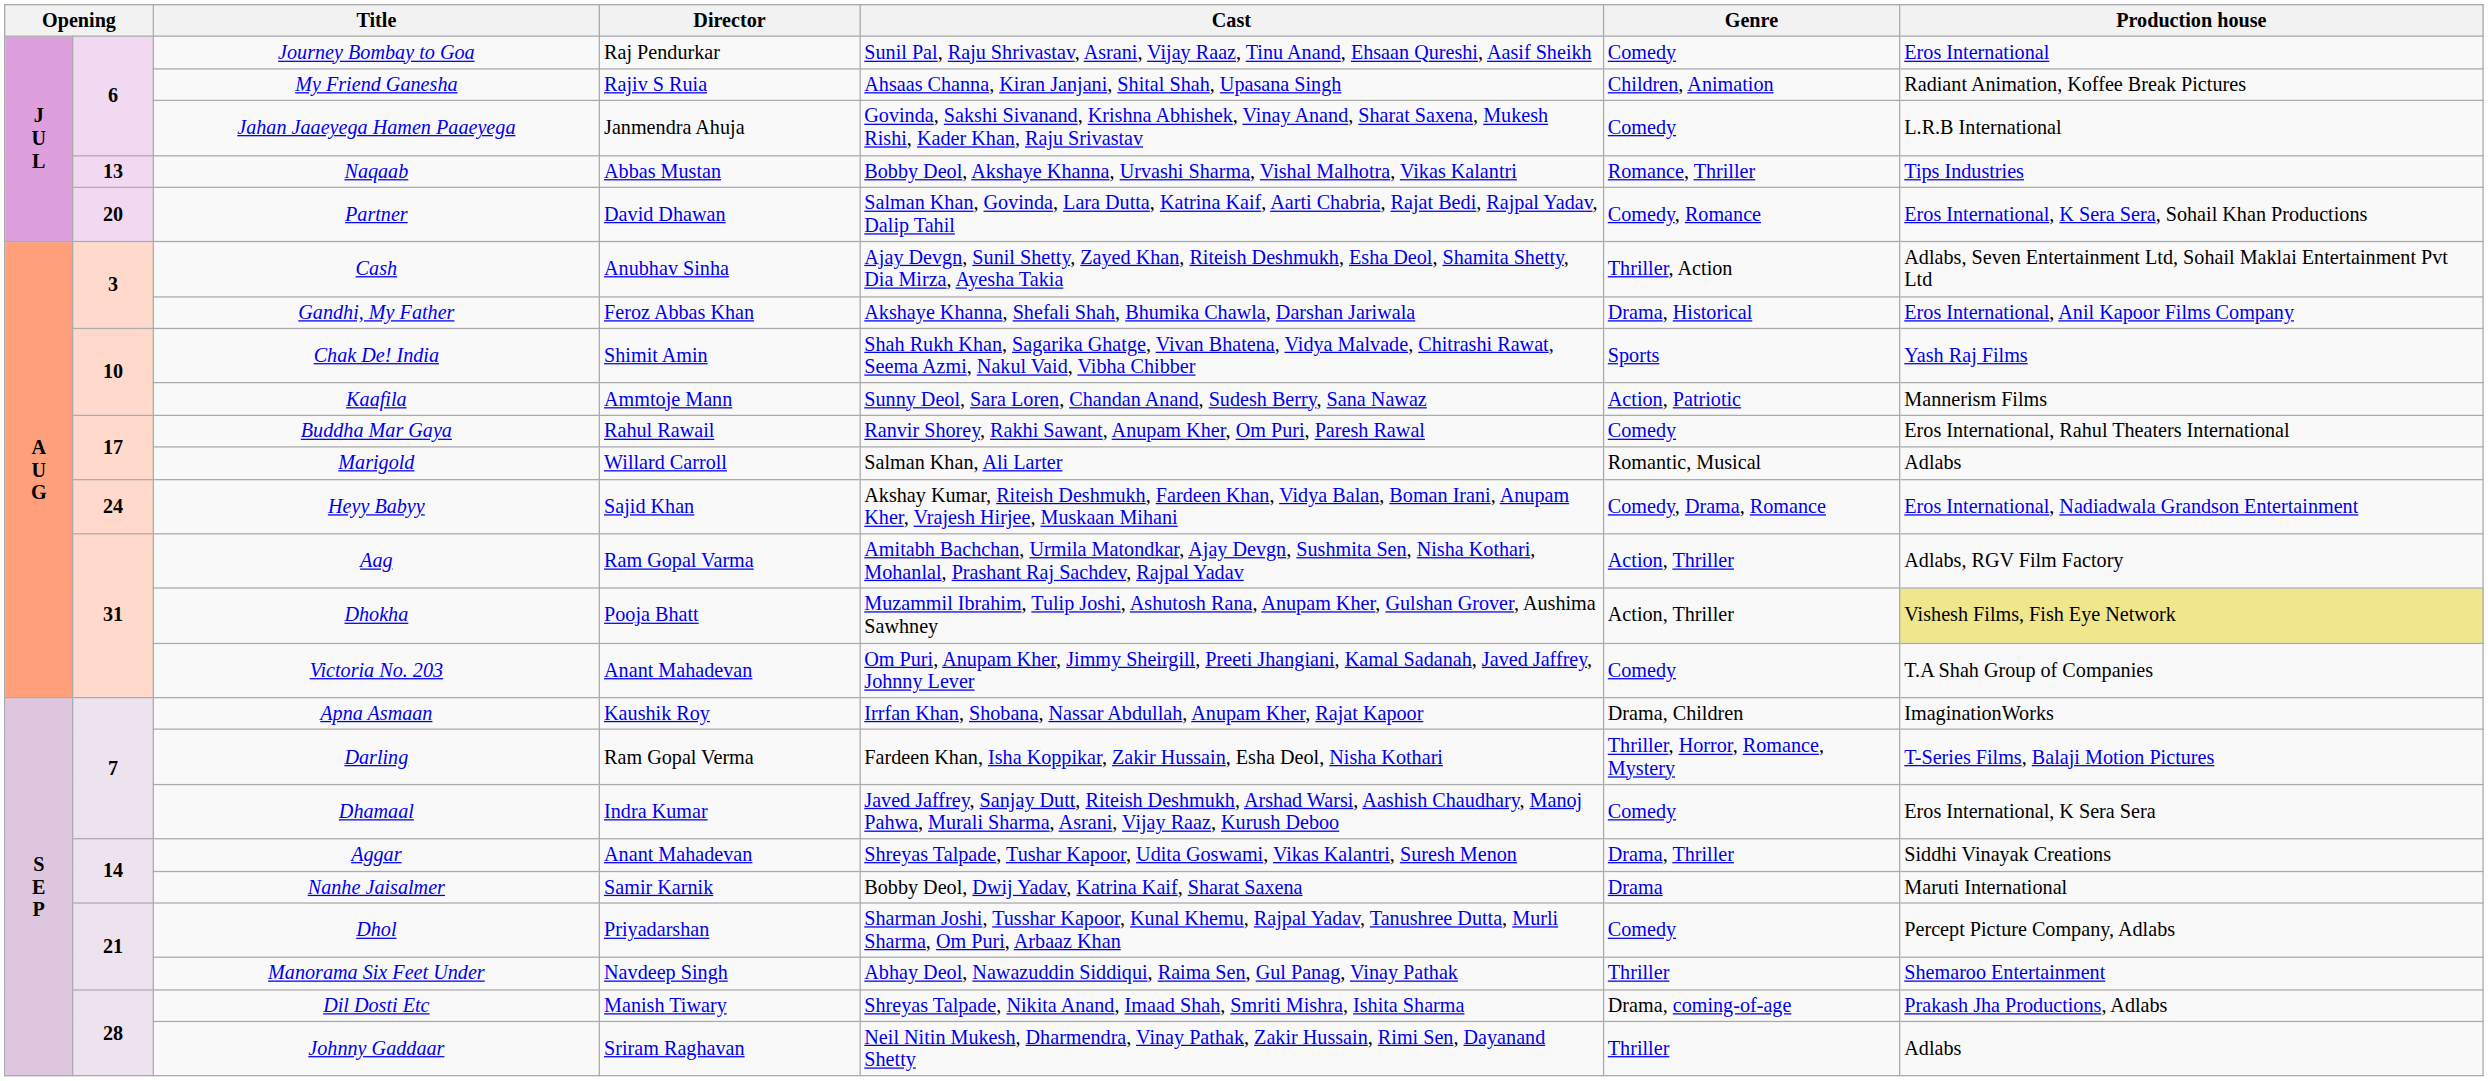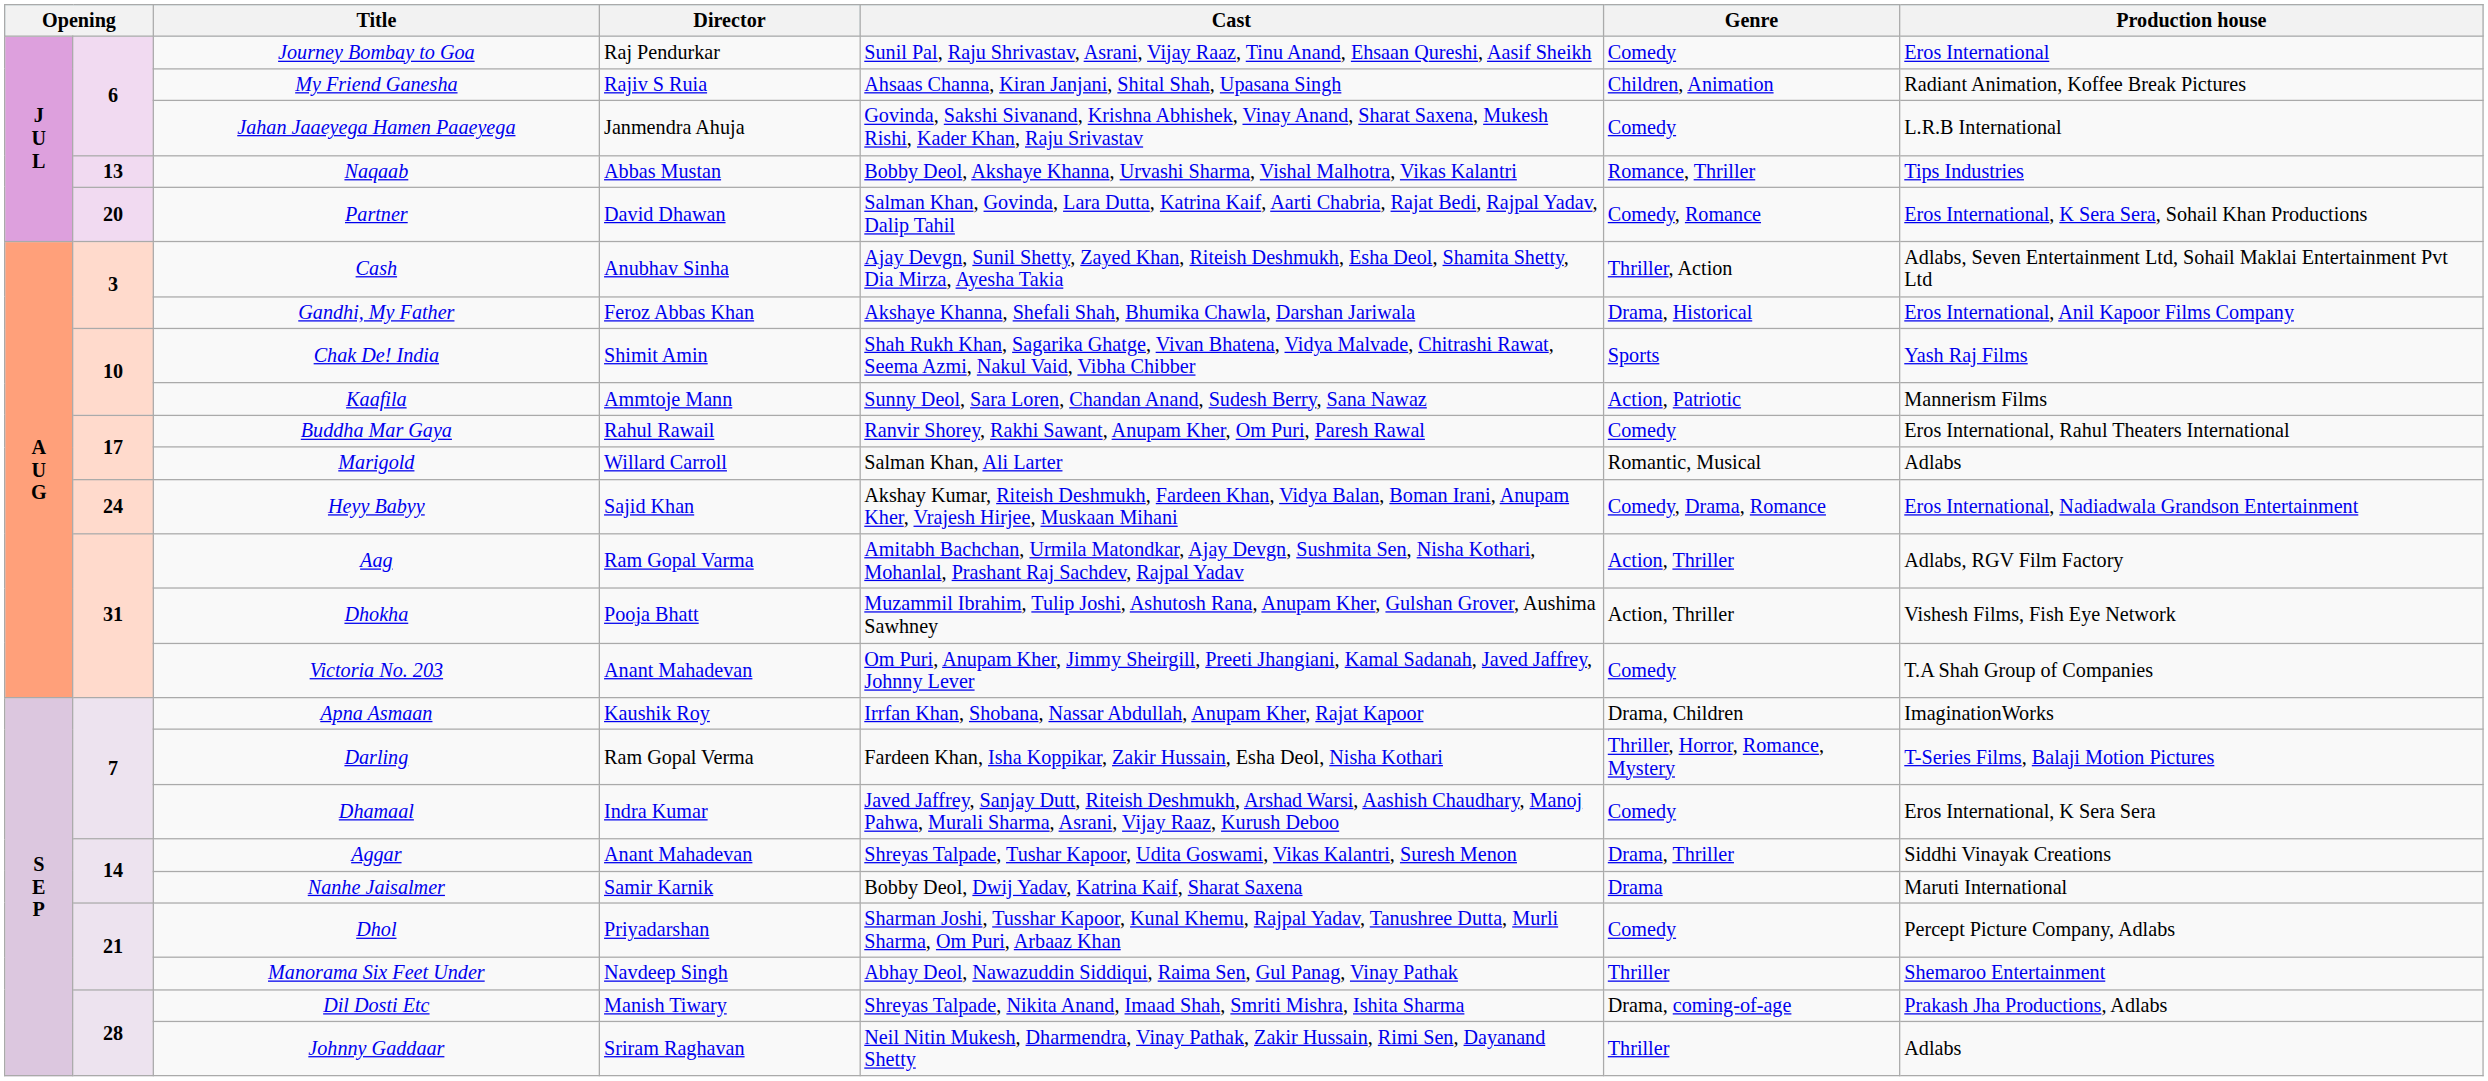 <table class="wikitable">
 <tr style="background:#b0e0e6;text-align:center;">
 <th colspan="2" style="width:6%;"><strong>Opening</strong></th>
 <th style="width:18%;"><strong>Title</strong></th>
 <th style="width:10.5%;"><strong>Director</strong></th>
 <th style="width:30%;"><strong>Cast</strong></th>
 <th>Genre</th>
 <th>Production house</th>
 </tr>
 <tr>
 <td rowspan="5" style="text-align:center; background:plum; textcolor:#000;"><strong>J<br>U<br>L</strong></td>
 <td rowspan="3" style="text-align:center;background:#f1daf1;"><strong>6</strong></td>
 <td style="text-align:center;"><em><a href='#'>Journey Bombay to Goa</a></em></td>
 <td>Raj Pendurkar</td>
 <td><a href='#'>Sunil Pal</a>, <a href='#'>Raju Shrivastav</a>, <a href='#'>Asrani</a>, <a href='#'>Vijay Raaz</a>, <a href='#'>Tinu Anand</a>, <a href='#'>Ehsaan Qureshi</a>, <a href='#'>Aasif Sheikh</a></td>
 <td><a href='#'>Comedy</a></td>
 <td><a href='#'>Eros International</a></td>
 </tr>
 <tr>
 <td style="text-align:center;"><em><a href='#'>My Friend Ganesha</a></em></td>
 <td><a href='#'>Rajiv S Ruia</a></td>
 <td><a href='#'>Ahsaas Channa</a>, <a href='#'>Kiran Janjani</a>, <a href='#'>Shital Shah</a>, <a href='#'>Upasana Singh</a></td>
 <td><a href='#'>Children</a>, <a href='#'>Animation</a></td>
 <td>Radiant Animation, Koffee Break Pictures</td>
 </tr>
 <tr>
 <td style="text-align:center;"><em><a href='#'>Jahan Jaaeyega Hamen Paaeyega</a></em></td>
 <td>Janmendra Ahuja</td>
 <td><a href='#'>Govinda</a>, <a href='#'>Sakshi Sivanand</a>, <a href='#'>Krishna Abhishek</a>, <a href='#'>Vinay Anand</a>, <a href='#'>Sharat Saxena</a>, <a href='#'>Mukesh Rishi</a>, <a href='#'>Kader Khan</a>, <a href='#'>Raju Srivastav</a></td>
 <td><a href='#'>Comedy</a></td>
 <td>L.R.B International</td>
 </tr>
 <tr>
 <td rowspan="1" style="text-align:center;background:#f1daf1;"><strong>13</strong></td>
 <td style="text-align:center;"><em><a href='#'>Naqaab</a></em></td>
 <td><a href='#'>Abbas Mustan</a></td>
 <td><a href='#'>Bobby Deol</a>, <a href='#'>Akshaye Khanna</a>, <a href='#'>Urvashi Sharma</a>, <a href='#'>Vishal Malhotra</a>, <a href='#'>Vikas Kalantri</a></td>
 <td><a href='#'>Romance</a>, <a href='#'>Thriller</a></td>
 <td><a href='#'>Tips Industries</a></td>
 </tr>
 <tr>
 <td rowspan="1" style="text-align:center;background:#f1daf1;"><strong>20</strong></td>
 <td style="text-align:center;"><em><a href='#'>Partner</a></em></td>
 <td><a href='#'>David Dhawan</a></td>
 <td><a href='#'>Salman Khan</a>, <a href='#'>Govinda</a>, <a href='#'>Lara Dutta</a>, <a href='#'>Katrina Kaif</a>, <a href='#'>Aarti Chabria</a>, <a href='#'>Rajat Bedi</a>, <a href='#'>Rajpal Yadav</a>, <a href='#'>Dalip Tahil</a></td>
 <td><a href='#'>Comedy</a>, <a href='#'>Romance</a></td>
 <td><a href='#'>Eros International</a>, <a href='#'>K Sera Sera</a>, Sohail Khan Productions</td>
 </tr>
 <tr>
 <td rowspan="10" style="text-align:center; background:#ffa07a; textcolor:#000;"><strong>A<br>U<br>G</strong></td>
 <td rowspan="2" style="text-align:center; background:#ffdacc;"><strong>3</strong></td>
 <td style="text-align:center;"><em><a href='#'>Cash</a></em></td>
 <td><a href='#'>Anubhav Sinha</a></td>
 <td><a href='#'>Ajay Devgn</a>, <a href='#'>Sunil Shetty</a>, <a href='#'>Zayed Khan</a>, <a href='#'>Riteish Deshmukh</a>, <a href='#'>Esha Deol</a>, <a href='#'>Shamita Shetty</a>, <a href='#'>Dia Mirza</a>, <a href='#'>Ayesha Takia</a></td>
 <td><a href='#'>Thriller</a>, Action</td>
 <td>Adlabs, Seven Entertainment Ltd, Sohail Maklai Entertainment Pvt Ltd</td>
 </tr>
 <tr>
 <td style="text-align:center;"><em><a href='#'>Gandhi, My Father</a></em></td>
 <td><a href='#'>Feroz Abbas Khan</a></td>
 <td><a href='#'>Akshaye Khanna</a>, <a href='#'>Shefali Shah</a>, <a href='#'>Bhumika Chawla</a>, <a href='#'>Darshan Jariwala</a></td>
 <td><a href='#'>Drama</a>, <a href='#'>Historical</a></td>
 <td><a href='#'>Eros International</a>, <a href='#'>Anil Kapoor Films Company</a></td>
 </tr>
 <tr>
 <td rowspan="2" style="text-align:center;background:#ffdacc;"><strong>10</strong></td>
 <td style="text-align:center;"><em><a href='#'>Chak De! India</a></em></td>
 <td><a href='#'>Shimit Amin</a></td>
 <td><a href='#'>Shah Rukh Khan</a>, <a href='#'>Sagarika Ghatge</a>, <a href='#'>Vivan Bhatena</a>, <a href='#'>Vidya Malvade</a>, <a href='#'>Chitrashi Rawat</a>, <a href='#'>Seema Azmi</a>, <a href='#'>Nakul Vaid</a>, <a href='#'>Vibha Chibber</a></td>
 <td><a href='#'>Sports</a></td>
 <td><a href='#'>Yash Raj Films</a></td>
 </tr>
 <tr>
 <td style="text-align:center;"><em><a href='#'>Kaafila</a></em></td>
 <td><a href='#'>Ammtoje Mann</a></td>
 <td><a href='#'>Sunny Deol</a>, <a href='#'>Sara Loren</a>, <a href='#'>Chandan Anand</a>, <a href='#'>Sudesh Berry</a>, <a href='#'>Sana Nawaz</a></td>
 <td><a href='#'>Action</a>, <a href='#'>Patriotic</a></td>
 <td>Mannerism Films</td>
 </tr>
 <tr>
 <td rowspan="2" style="text-align:center;background:#ffdacc;"><strong>17</strong></td>
 <td style="text-align:center;"><em><a href='#'>Buddha Mar Gaya</a></em></td>
 <td><a href='#'>Rahul Rawail</a></td>
 <td><a href='#'>Ranvir Shorey</a>, <a href='#'>Rakhi Sawant</a>, <a href='#'>Anupam Kher</a>, <a href='#'>Om Puri</a>, <a href='#'>Paresh Rawal</a></td>
 <td><a href='#'>Comedy</a></td>
 <td>Eros International, Rahul Theaters International</td>
 </tr>
 <tr>
 <td style="text-align:center;"><em><a href='#'>Marigold</a></em></td>
 <td><a href='#'>Willard Carroll</a></td>
 <td>Salman Khan, <a href='#'>Ali Larter</a></td>
 <td>Romantic, Musical</td>
 <td>Adlabs</td>
 </tr>
 <tr>
 <td rowspan="1" style="text-align:center;background:#ffdacc;"><strong>24</strong></td>
 <td style="text-align:center;"><em><a href='#'>Heyy Babyy</a></em></td>
 <td><a href='#'>Sajid Khan</a></td>
 <td>Akshay Kumar, <a href='#'>Riteish Deshmukh</a>, <a href='#'>Fardeen Khan</a>, <a href='#'>Vidya Balan</a>, <a href='#'>Boman Irani</a>, <a href='#'>Anupam Kher</a>, <a href='#'>Vrajesh Hirjee</a>, <a href='#'>Muskaan Mihani</a></td>
 <td><a href='#'>Comedy</a>, <a href='#'>Drama</a>, <a href='#'>Romance</a></td>
 <td><a href='#'>Eros International</a>, <a href='#'>Nadiadwala Grandson Entertainment</a></td>
 </tr>
 <tr>
 <td rowspan="3" style="text-align:center;background:#ffdacc;"><strong>31</strong></td>
 <td style="text-align:center;"><em><a href='#'>Aag</a></em></td>
 <td><a href='#'>Ram Gopal Varma</a></td>
 <td><a href='#'>Amitabh Bachchan</a>, <a href='#'>Urmila Matondkar</a>, <a href='#'>Ajay Devgn</a>, <a href='#'>Sushmita Sen</a>, <a href='#'>Nisha Kothari</a>, <a href='#'>Mohanlal</a>, <a href='#'>Prashant Raj Sachdev</a>, <a href='#'>Rajpal Yadav</a></td>
 <td><a href='#'>Action</a>, <a href='#'>Thriller</a></td>
 <td>Adlabs, RGV Film Factory</td>
 </tr>
 <tr>
 <td style="text-align:center;"><em><a href='#'>Dhokha</a></em></td>
 <td><a href='#'>Pooja Bhatt</a></td>
 <td><a href='#'>Muzammil Ibrahim</a>, <a href='#'>Tulip Joshi</a>, <a href='#'>Ashutosh Rana</a>, <a href='#'>Anupam Kher</a>, <a href='#'>Gulshan Grover</a>, Aushima Sawhney</td>
 <td>Action, Thriller</td>
-<td style="background: khaki;">Vishesh Films, Fish Eye Network</td>
+<td>Vishesh Films, Fish Eye Network</td>
 </tr>
 <tr>
 <td style="text-align:center;"><em><a href='#'>Victoria No. 203</a></em></td>
 <td><a href='#'>Anant Mahadevan</a></td>
 <td><a href='#'>Om Puri</a>, <a href='#'>Anupam Kher</a>, <a href='#'>Jimmy Sheirgill</a>, <a href='#'>Preeti Jhangiani</a>, <a href='#'>Kamal Sadanah</a>, <a href='#'>Javed Jaffrey</a>, <a href='#'>Johnny Lever</a></td>
 <td><a href='#'>Comedy</a></td>
 <td>T.A Shah Group of Companies</td>
 </tr>
 <tr>
 <td rowspan="9" style="text-align:center; background:#dcc7df; textcolor:#000;"><strong>S<br>E<br>P</strong></td>
 <td rowspan="3" style="text-align:center;background:#ede3ef;"><strong>7</strong></td>
 <td style="text-align:center;"><em><a href='#'>Apna Asmaan</a></em></td>
 <td><a href='#'>Kaushik Roy</a></td>
 <td><a href='#'>Irrfan Khan</a>, <a href='#'>Shobana</a>, <a href='#'>Nassar Abdullah</a>, <a href='#'>Anupam Kher</a>, <a href='#'>Rajat Kapoor</a></td>
 <td>Drama, Children</td>
 <td>ImaginationWorks</td>
 </tr>
 <tr>
 <td style="text-align:center;"><em><a href='#'>Darling</a></em></td>
 <td>Ram Gopal Verma</td>
 <td>Fardeen Khan, <a href='#'>Isha Koppikar</a>, <a href='#'>Zakir Hussain</a>, Esha Deol, <a href='#'>Nisha Kothari</a></td>
 <td><a href='#'>Thriller</a>, <a href='#'>Horror</a>, <a href='#'>Romance</a>, <a href='#'>Mystery</a></td>
 <td><a href='#'>T-Series Films</a>, <a href='#'>Balaji Motion Pictures</a></td>
 </tr>
 <tr>
 <td style="text-align:center;"><em><a href='#'>Dhamaal</a></em></td>
 <td><a href='#'>Indra Kumar</a></td>
 <td><a href='#'>Javed Jaffrey</a>, <a href='#'>Sanjay Dutt</a>, <a href='#'>Riteish Deshmukh</a>, <a href='#'>Arshad Warsi</a>, <a href='#'>Aashish Chaudhary</a>, <a href='#'>Manoj Pahwa</a>, <a href='#'>Murali Sharma</a>, <a href='#'>Asrani</a>, <a href='#'>Vijay Raaz</a>, <a href='#'>Kurush Deboo</a></td>
 <td><a href='#'>Comedy</a></td>
 <td>Eros International, K Sera Sera</td>
 </tr>
 <tr>
 <td rowspan="2" style="text-align:center; background:#ede3ef;"><strong>14</strong></td>
 <td style="text-align:center;"><em><a href='#'>Aggar</a></em></td>
 <td><a href='#'>Anant Mahadevan</a></td>
 <td><a href='#'>Shreyas Talpade</a>, <a href='#'>Tushar Kapoor</a>, <a href='#'>Udita Goswami</a>, <a href='#'>Vikas Kalantri</a>, <a href='#'>Suresh Menon</a></td>
 <td><a href='#'>Drama</a>, <a href='#'>Thriller</a></td>
 <td>Siddhi Vinayak Creations</td>
 </tr>
 <tr>
 <td style="text-align:center;"><em><a href='#'>Nanhe Jaisalmer</a></em></td>
 <td><a href='#'>Samir Karnik</a></td>
 <td>Bobby Deol, <a href='#'>Dwij Yadav</a>, <a href='#'>Katrina Kaif</a>, <a href='#'>Sharat Saxena</a></td>
 <td><a href='#'>Drama</a></td>
 <td>Maruti International</td>
 </tr>
 <tr>
 <td rowspan="2" style="text-align:center; background:#ede3ef;"><strong>21</strong></td>
 <td style="text-align:center;"><em><a href='#'>Dhol</a></em></td>
 <td><a href='#'>Priyadarshan</a></td>
 <td><a href='#'>Sharman Joshi</a>, <a href='#'>Tusshar Kapoor</a>, <a href='#'>Kunal Khemu</a>, <a href='#'>Rajpal Yadav</a>, <a href='#'>Tanushree Dutta</a>, <a href='#'>Murli Sharma</a>, <a href='#'>Om Puri</a>, <a href='#'>Arbaaz Khan</a></td>
 <td><a href='#'>Comedy</a></td>
 <td>Percept Picture Company, Adlabs</td>
 </tr>
 <tr>
 <td style="text-align:center;"><em><a href='#'>Manorama Six Feet Under</a></em></td>
 <td><a href='#'>Navdeep Singh</a></td>
 <td><a href='#'>Abhay Deol</a>, <a href='#'>Nawazuddin Siddiqui</a>, <a href='#'>Raima Sen</a>, <a href='#'>Gul Panag</a>, <a href='#'>Vinay Pathak</a></td>
 <td><a href='#'>Thriller</a></td>
 <td><a href='#'>Shemaroo Entertainment</a></td>
 </tr>
 <tr>
 <td rowspan="2" style="text-align:center; background:#ede3ef;"><strong>28</strong></td>
 <td style="text-align:center;"><em><a href='#'>Dil Dosti Etc</a></em></td>
 <td><a href='#'>Manish Tiwary</a></td>
 <td><a href='#'>Shreyas Talpade</a>, <a href='#'>Nikita Anand</a>, <a href='#'>Imaad Shah</a>, <a href='#'>Smriti Mishra</a>, <a href='#'>Ishita Sharma</a></td>
 <td>Drama, <a href='#'>coming-of-age</a></td>
 <td><a href='#'>Prakash Jha Productions</a>, Adlabs</td>
 </tr>
 <tr>
 <td style="text-align:center;"><em><a href='#'>Johnny Gaddaar</a></em></td>
 <td><a href='#'>Sriram Raghavan</a></td>
 <td><a href='#'>Neil Nitin Mukesh</a>, <a href='#'>Dharmendra</a>, <a href='#'>Vinay Pathak</a>, <a href='#'>Zakir Hussain</a>, <a href='#'>Rimi Sen</a>, <a href='#'>Dayanand Shetty</a></td>
 <td><a href='#'>Thriller</a></td>
 <td>Adlabs</td>
 </tr>
 </table>
